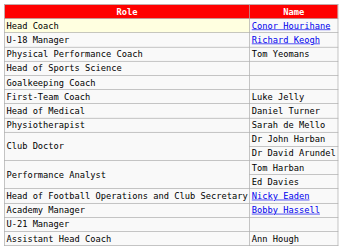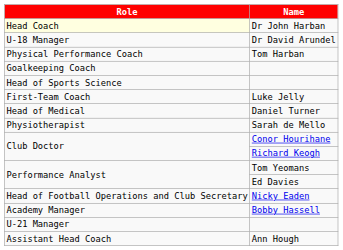 <table class="wikitable" |>
 <tr>
 <th style="background:red;color:white">Role</th>
 <th style="background:red;color:white">Name</th>
 </tr>
 <tr>
 <td align="left" style="background: lightyellow;">Head Coach</td>
-<td align="left"><a href='#'>Conor Hourihane</a></td>
+<td align="left">Dr John Harban</td>
 </tr>
 <tr>
 <td align="left">U-18 Manager</td>
-<td align="left"><a href='#'>Richard Keogh</a></td>
+<td align="left">Dr David Arundel</td>
 </tr>
 <tr>
 <td align="left">Physical Performance Coach</td>
-<td align="left">Tom Yeomans</td>
+<td align="left">Tom Harban</td>
+</tr>
+<tr>
+<td align="left">Goalkeeping Coach</td>
+<td align="left"></td>
 </tr>
 <tr>
 <td align="left">Head of Sports Science</td>
-<td align="left"></td>
-</tr>
-<tr>
-<td align="left">Goalkeeping Coach</td>
 <td align="left"></td>
 </tr>
 <tr>
 <td align="left">First-Team Coach</td>
 <td align="left">Luke Jelly</td>
 </tr>
 <tr>
 <td align="left">Head of Medical</td>
 <td align="left">Daniel Turner</td>
 </tr>
 <tr>
 <td align="left">Physiotherapist</td>
 <td align="left">Sarah de Mello</td>
 </tr>
 <tr>
 <td rowspan="2">Club Doctor</td>
-<td align="left">Dr John Harban</td>
+<td align="left"><a href='#'>Conor Hourihane</a></td>
 </tr>
 <tr>
-<td align="left">Dr David Arundel</td>
+<td align="left"><a href='#'>Richard Keogh</a></td>
 </tr>
 <tr>
 <td rowspan="2">Performance Analyst</td>
-<td align="left">Tom Harban</td>
+<td align="left">Tom Yeomans</td>
 </tr>
 <tr>
 <td align="left">Ed Davies</td>
 </tr>
 <tr>
 <td align="left">Head of Football Operations and Club Secretary</td>
 <td align="left"><a href='#'>Nicky Eaden</a></td>
 </tr>
 <tr>
 <td align="left">Academy Manager</td>
 <td align="left"><a href='#'>Bobby Hassell</a></td>
 </tr>
 <tr>
 <td align="left">U-21 Manager</td>
 <td align="left"></td>
 </tr>
 <tr>
 <td align="left">Assistant Head Coach</td>
 <td align="left">Ann Hough</td>
 </tr>
 </table>
